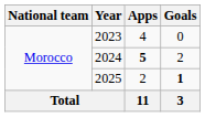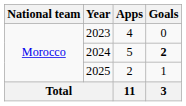 <table class=wikitable style=text-align:center>
 <tr>
 <th>National team</th>
 <th>Year</th>
 <th>Apps</th>
 <th>Goals</th>
 </tr>
 <tr>
 <td rowspan="3"><a href='#'>Morocco</a></td>
 <td>2023</td>
 <td>4</td>
 <td>0</td>
 </tr>
 <tr>
 <td>2024</td>
-<td><strong>5</strong></td>
-<td>2</td>
+<td>5</td>
+<td><strong>2</strong></td>
 </tr>
 <tr>
 <td>2025</td>
 <td>2</td>
-<td><strong>1</strong></td>
+<td>1</td>
 </tr>
 <tr>
 <th colspan=2>Total</th>
 <th>11</th>
 <th>3</th>
 </tr>
 </table>
